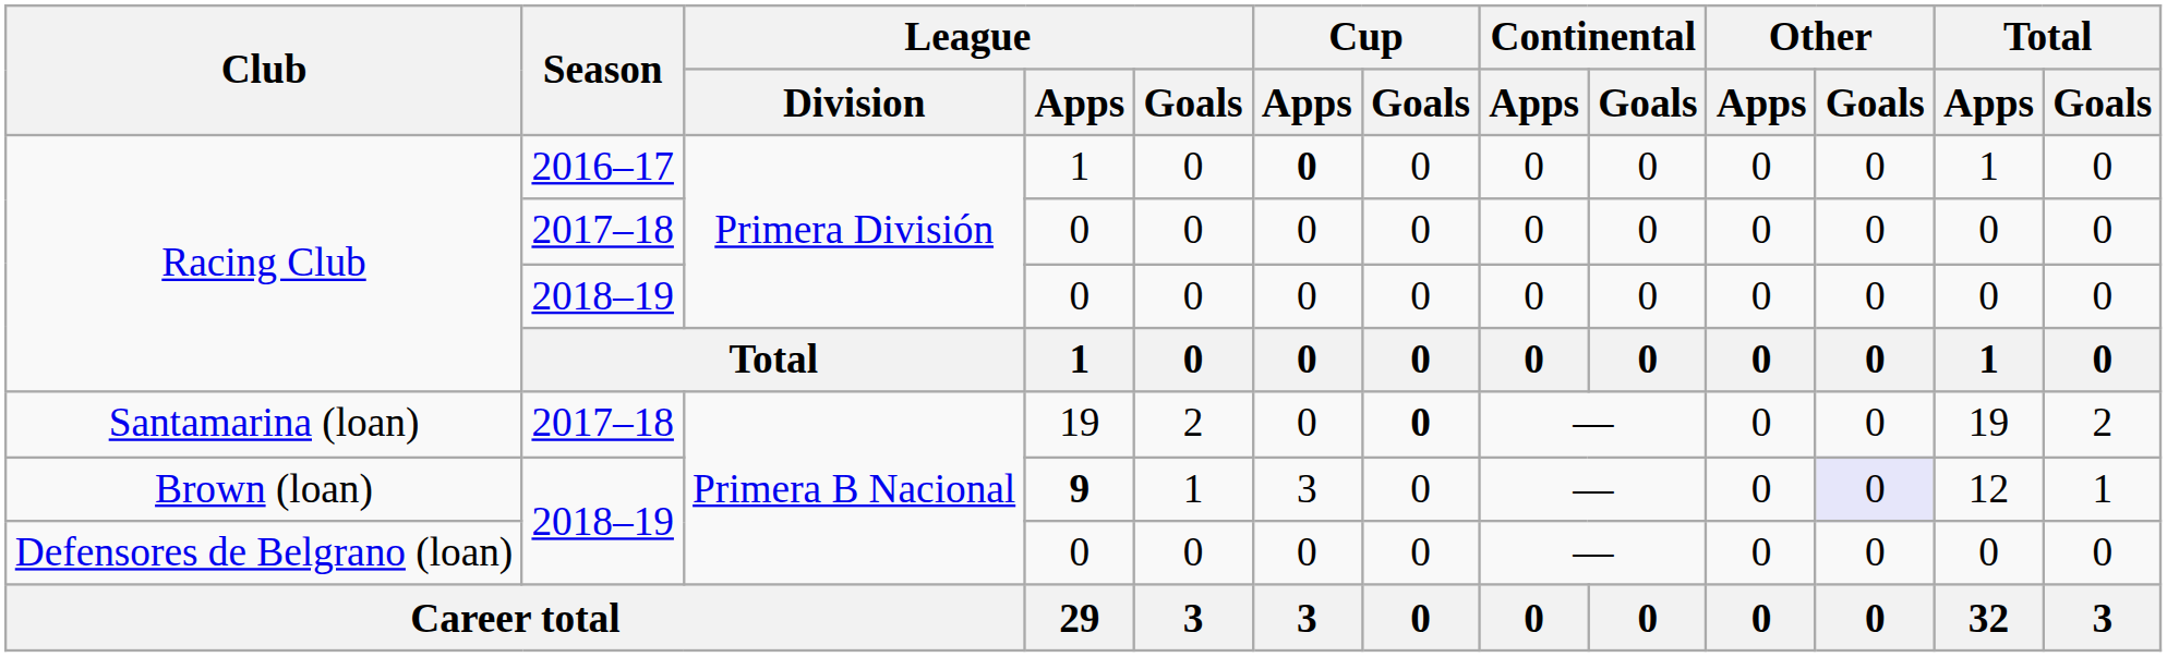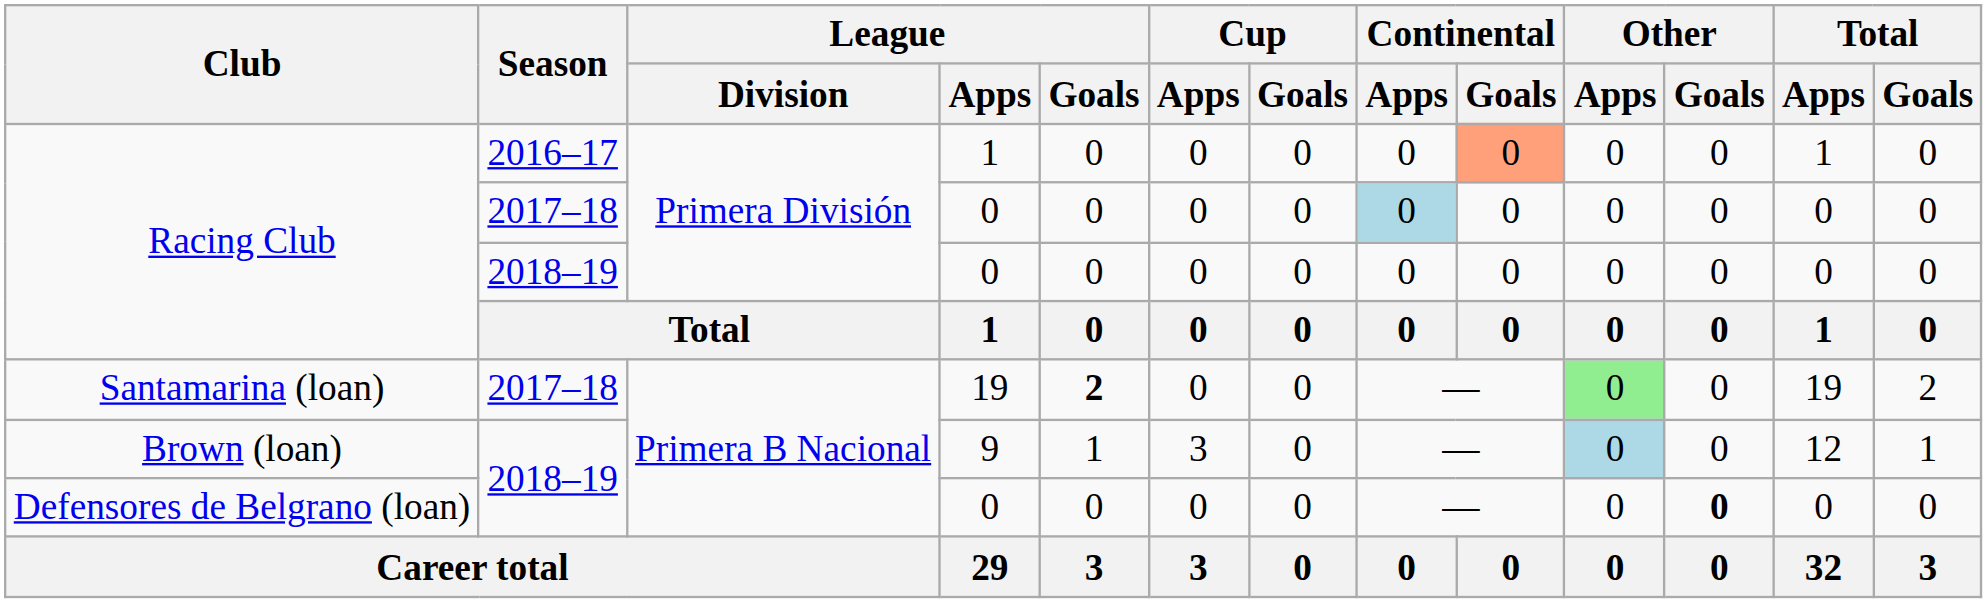 <table class="wikitable" style="text-align:center">
 <tr>
 <th rowspan="2">Club</th>
 <th rowspan="2">Season</th>
 <th colspan="3">League</th>
 <th colspan="2">Cup</th>
 <th colspan="2">Continental</th>
 <th colspan="2">Other</th>
 <th colspan="2">Total</th>
 </tr>
 <tr>
 <th>Division</th>
 <th>Apps</th>
 <th>Goals</th>
 <th>Apps</th>
 <th>Goals</th>
 <th>Apps</th>
 <th>Goals</th>
 <th>Apps</th>
 <th>Goals</th>
 <th>Apps</th>
 <th>Goals</th>
 </tr>
 <tr>
 <td rowspan="4"><a href='#'>Racing Club</a></td>
 <td><a href='#'>2016–17</a></td>
 <td rowspan="3"><a href='#'>Primera División</a></td>
 <td>1</td>
 <td>0</td>
-<td><strong>0</strong></td>
 <td>0</td>
 <td>0</td>
 <td>0</td>
+<td style="background: lightsalmon;">0</td>
 <td>0</td>
 <td>0</td>
 <td>1</td>
 <td>0</td>
 </tr>
 <tr>
 <td><a href='#'>2017–18</a></td>
 <td>0</td>
 <td>0</td>
 <td>0</td>
 <td>0</td>
-<td>0</td>
+<td style="background: lightblue;">0</td>
 <td>0</td>
 <td>0</td>
 <td>0</td>
 <td>0</td>
 <td>0</td>
 </tr>
 <tr>
 <td><a href='#'>2018–19</a></td>
 <td>0</td>
 <td>0</td>
 <td>0</td>
 <td>0</td>
 <td>0</td>
 <td>0</td>
 <td>0</td>
 <td>0</td>
 <td>0</td>
 <td>0</td>
 </tr>
 <tr>
 <th colspan="2">Total</th>
 <th>1</th>
 <th>0</th>
 <th>0</th>
 <th>0</th>
 <th>0</th>
 <th>0</th>
 <th>0</th>
 <th>0</th>
 <th>1</th>
 <th>0</th>
 </tr>
 <tr>
 <td rowspan="1"><a href='#'>Santamarina</a> (loan)</td>
 <td><a href='#'>2017–18</a></td>
 <td rowspan="3"><a href='#'>Primera B Nacional</a></td>
 <td>19</td>
-<td>2</td>
+<td><strong>2</strong></td>
 <td>0</td>
-<td><strong>0</strong></td>
+<td>0</td>
 <td colspan="2">—</td>
-<td>0</td>
+<td style="background: lightgreen;">0</td>
 <td>0</td>
 <td>19</td>
 <td>2</td>
 </tr>
 <tr>
 <td rowspan="1"><a href='#'>Brown</a> (loan)</td>
 <td rowspan="2"><a href='#'>2018–19</a></td>
-<td><strong>9</strong></td>
+<td>9</td>
 <td>1</td>
 <td>3</td>
 <td>0</td>
 <td colspan="2">—</td>
+<td style="background: lightblue;">0</td>
 <td>0</td>
-<td style="background: lavender;">0</td>
 <td>12</td>
 <td>1</td>
 </tr>
 <tr>
 <td rowspan="1"><a href='#'>Defensores de Belgrano</a> (loan)</td>
 <td>0</td>
 <td>0</td>
 <td>0</td>
 <td>0</td>
 <td colspan="2">—</td>
 <td>0</td>
-<td>0</td>
+<td><strong>0</strong></td>
 <td>0</td>
 <td>0</td>
 </tr>
 <tr>
 <th colspan="3">Career total</th>
 <th>29</th>
 <th>3</th>
 <th>3</th>
 <th>0</th>
 <th>0</th>
 <th>0</th>
 <th>0</th>
 <th>0</th>
 <th>32</th>
 <th>3</th>
 </tr>
 </table>
